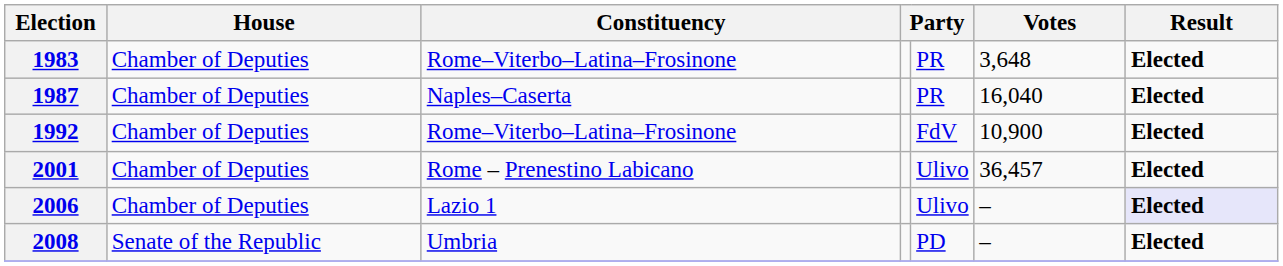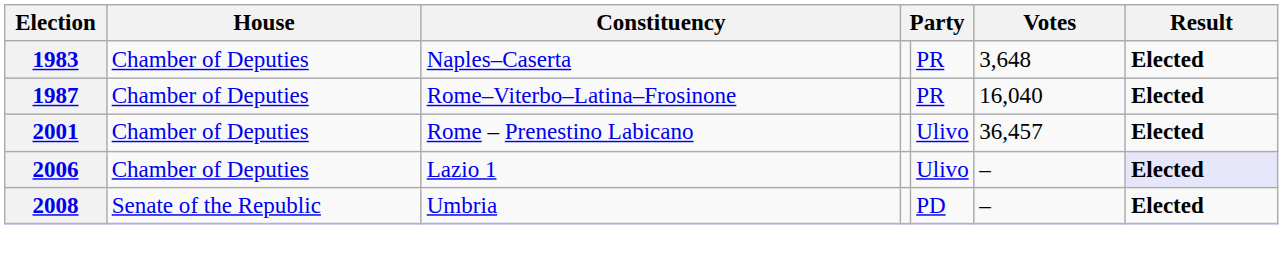 <table class=wikitable style="width:70%; border:1px #AAAAFF solid">
 <tr>
 <th width=8%>Election</th>
 <th width=25%>House</th>
 <th width=38%>Constituency</th>
 <th width=5% colspan="2">Party</th>
 <th width=12%>Votes</th>
 <th width=20%>Result</th>
 </tr>
 <tr>
 <th><a href='#'>1983</a></th>
 <td><a href='#'>Chamber of Deputies</a></td>
-<td><a href='#'>Rome–Viterbo–Latina–Frosinone</a></td>
+<td><a href='#'>Naples–Caserta</a></td>
 <td></td>
 <td><a href='#'>PR</a></td>
 <td>3,648</td>
 <td> <strong>Elected</strong></td>
 </tr>
 <tr>
 <th><a href='#'>1987</a></th>
 <td><a href='#'>Chamber of Deputies</a></td>
-<td><a href='#'>Naples–Caserta</a></td>
+<td><a href='#'>Rome–Viterbo–Latina–Frosinone</a></td>
 <td></td>
 <td><a href='#'>PR</a></td>
 <td>16,040</td>
-<td> <strong>Elected</strong></td>
-</tr>
-<tr>
-<th><a href='#'>1992</a></th>
-<td><a href='#'>Chamber of Deputies</a></td>
-<td><a href='#'>Rome–Viterbo–Latina–Frosinone</a></td>
-<td></td>
-<td><a href='#'>FdV</a></td>
-<td>10,900</td>
 <td> <strong>Elected</strong></td>
 </tr>
 <tr>
 <th><a href='#'>2001</a></th>
 <td><a href='#'>Chamber of Deputies</a></td>
 <td><a href='#'>Rome</a> – <a href='#'>Prenestino Labicano</a></td>
 <td></td>
 <td><a href='#'>Ulivo</a></td>
 <td>36,457</td>
 <td> <strong>Elected</strong></td>
 </tr>
 <tr>
 <th><a href='#'>2006</a></th>
 <td><a href='#'>Chamber of Deputies</a></td>
 <td><a href='#'>Lazio 1</a></td>
 <td></td>
 <td><a href='#'>Ulivo</a></td>
 <td>–</td>
 <td style="background: lavender;"> <strong>Elected</strong></td>
 </tr>
 <tr>
 <th><a href='#'>2008</a></th>
 <td><a href='#'>Senate of the Republic</a></td>
 <td><a href='#'>Umbria</a></td>
 <td></td>
 <td><a href='#'>PD</a></td>
 <td>–</td>
 <td> <strong>Elected</strong></td>
 </tr>
 <tr>
 </tr>
 </table>
